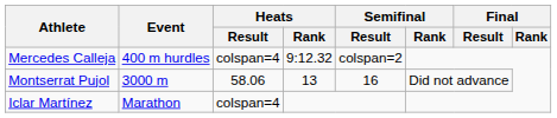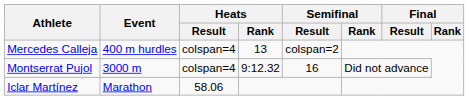 <table class="wikitable" style="font-size:90%">
 <tr>
 <th rowspan="2">Athlete</th>
 <th rowspan="2">Event</th>
 <th colspan="2">Heats</th>
 <th colspan="2">Semifinal</th>
 <th colspan="2">Final</th>
 </tr>
 <tr style="font-size:95%">
 <th>Result</th>
 <th>Rank</th>
 <th>Result</th>
 <th>Rank</th>
 <th>Result</th>
 <th>Rank</th>
 </tr>
 <tr align=center>
 <td align=left><a href='#'>Mercedes Calleja</a></td>
 <td align=left><a href='#'>400 m hurdles</a></td>
 <td>colspan=4 </td>
-<td>9:12.32</td>
+<td>13</td>
 <td>colspan=2 </td>
 </tr>
 <tr align=center>
 <td align=left><a href='#'>Montserrat Pujol</a></td>
 <td align=left><a href='#'>3000 m</a></td>
-<td>58.06</td>
-<td>13</td>
+<td>colspan=4 </td>
+<td>9:12.32</td>
 <td>16</td>
 <td colspan=2>Did not advance</td>
 </tr>
 <tr align=center>
 <td align=left><a href='#'>Iclar Martínez</a></td>
 <td align=left><a href='#'>Marathon</a></td>
-<td>colspan=4 </td>
+<td>58.06</td>
 <td colspan=2></td>
 </tr>
 </table>
